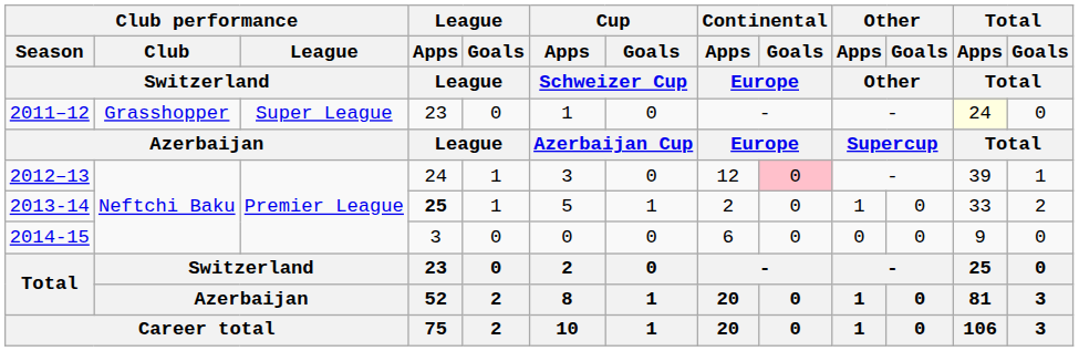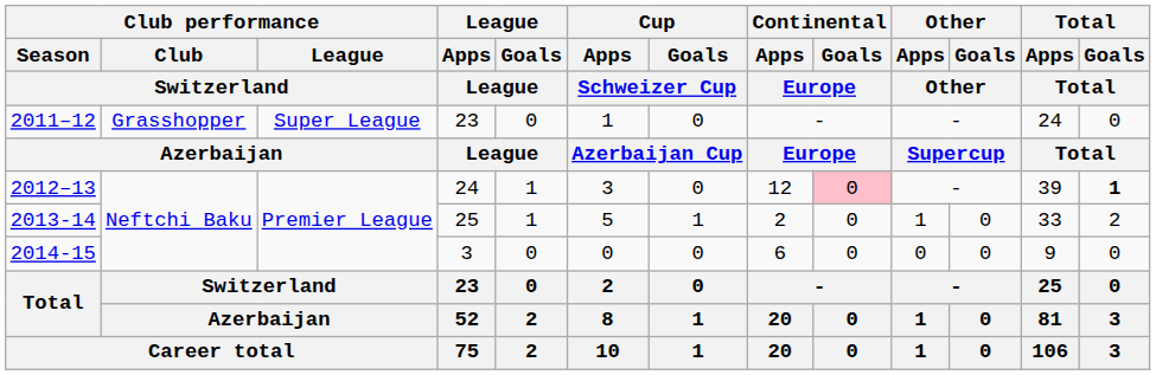 <table class="wikitable" style="text-align:center">
 <tr>
 <th colspan=3>Club performance</th>
 <th colspan=2>League</th>
 <th colspan=2>Cup</th>
 <th colspan=2>Continental</th>
 <th colspan=2>Other</th>
 <th colspan=2>Total</th>
 </tr>
 <tr>
 <th>Season</th>
 <th>Club</th>
 <th>League</th>
 <th>Apps</th>
 <th>Goals</th>
 <th>Apps</th>
 <th>Goals</th>
 <th>Apps</th>
 <th>Goals</th>
 <th>Apps</th>
 <th>Goals</th>
 <th>Apps</th>
 <th>Goals</th>
 </tr>
 <tr>
 <th colspan=3>Switzerland</th>
 <th colspan=2>League</th>
 <th colspan=2><a href='#'>Schweizer Cup</a></th>
 <th colspan=2><a href='#'>Europe</a></th>
 <th colspan=2>Other</th>
 <th colspan=2>Total</th>
 </tr>
 <tr>
 <td><a href='#'>2011–12</a></td>
 <td rowspan="1"><a href='#'>Grasshopper</a></td>
 <td rowspan="1"><a href='#'>Super League</a></td>
 <td>23</td>
 <td>0</td>
 <td>1</td>
 <td>0</td>
 <td colspan="2">-</td>
 <td colspan="2">-</td>
-<td style="background: lightyellow;">24</td>
+<td>24</td>
 <td>0</td>
 </tr>
 <tr>
 <th colspan=3>Azerbaijan</th>
 <th colspan=2>League</th>
 <th colspan=2><a href='#'>Azerbaijan Cup</a></th>
 <th colspan=2><a href='#'>Europe</a></th>
 <th colspan=2><a href='#'>Supercup</a></th>
 <th colspan=2>Total</th>
 </tr>
 <tr>
 <td><a href='#'>2012–13</a></td>
 <td rowspan="3"><a href='#'>Neftchi Baku</a></td>
 <td rowspan="3"><a href='#'>Premier League</a></td>
 <td>24</td>
 <td>1</td>
 <td>3</td>
 <td>0</td>
 <td>12</td>
 <td style="background: pink;">0</td>
 <td colspan="2">-</td>
 <td>39</td>
-<td>1</td>
+<td><strong>1</strong></td>
 </tr>
 <tr>
 <td><a href='#'>2013-14</a></td>
-<td><strong>25</strong></td>
+<td>25</td>
 <td>1</td>
 <td>5</td>
 <td>1</td>
 <td>2</td>
 <td>0</td>
 <td>1</td>
 <td>0</td>
 <td>33</td>
 <td>2</td>
 </tr>
 <tr>
 <td><a href='#'>2014-15</a></td>
 <td>3</td>
 <td>0</td>
 <td>0</td>
 <td>0</td>
 <td>6</td>
 <td>0</td>
 <td>0</td>
 <td>0</td>
 <td>9</td>
 <td>0</td>
 </tr>
 <tr>
 <th rowspan=2>Total</th>
 <th colspan=2>Switzerland</th>
 <th>23</th>
 <th>0</th>
 <th>2</th>
 <th>0</th>
 <th colspan="2">-</th>
 <th colspan="2">-</th>
 <th>25</th>
 <th>0</th>
 </tr>
 <tr>
 <th colspan=2>Azerbaijan</th>
 <th>52</th>
 <th>2</th>
 <th>8</th>
 <th>1</th>
 <th>20</th>
 <th>0</th>
 <th>1</th>
 <th>0</th>
 <th>81</th>
 <th>3</th>
 </tr>
 <tr>
 <th colspan=3>Career total</th>
 <th>75</th>
 <th>2</th>
 <th>10</th>
 <th>1</th>
 <th>20</th>
 <th>0</th>
 <th>1</th>
 <th>0</th>
 <th>106</th>
 <th>3</th>
 </tr>
 </table>
